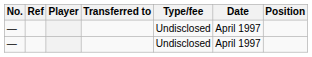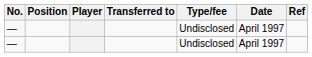 <table class="wikitable plainrowheaders sortable" style="text-align:center; text-align:left">
 <tr>
 <th scope="col">No.</th>
-<th scope="col" class="unsortable">Ref</th>
+<th scope="col">Position</th>
 <th scope="col">Player</th>
 <th scope="col">Transferred to</th>
 <th scope="col">Type/fee</th>
 <th scope="col">Date</th>
-<th scope="col">Position</th>
+<th scope="col" class="unsortable">Ref</th>
 </tr>
 <tr>
 <td>—</td>
 <td></td>
 <th scope="row"></th>
 <td></td>
 <td>Undisclosed</td>
 <td>April 1997</td>
 <td></td>
 </tr>
 <tr>
 <td>—</td>
 <td></td>
 <th scope="row"></th>
 <td></td>
 <td>Undisclosed</td>
 <td>April 1997</td>
 <td></td>
 </tr>
 </table>
